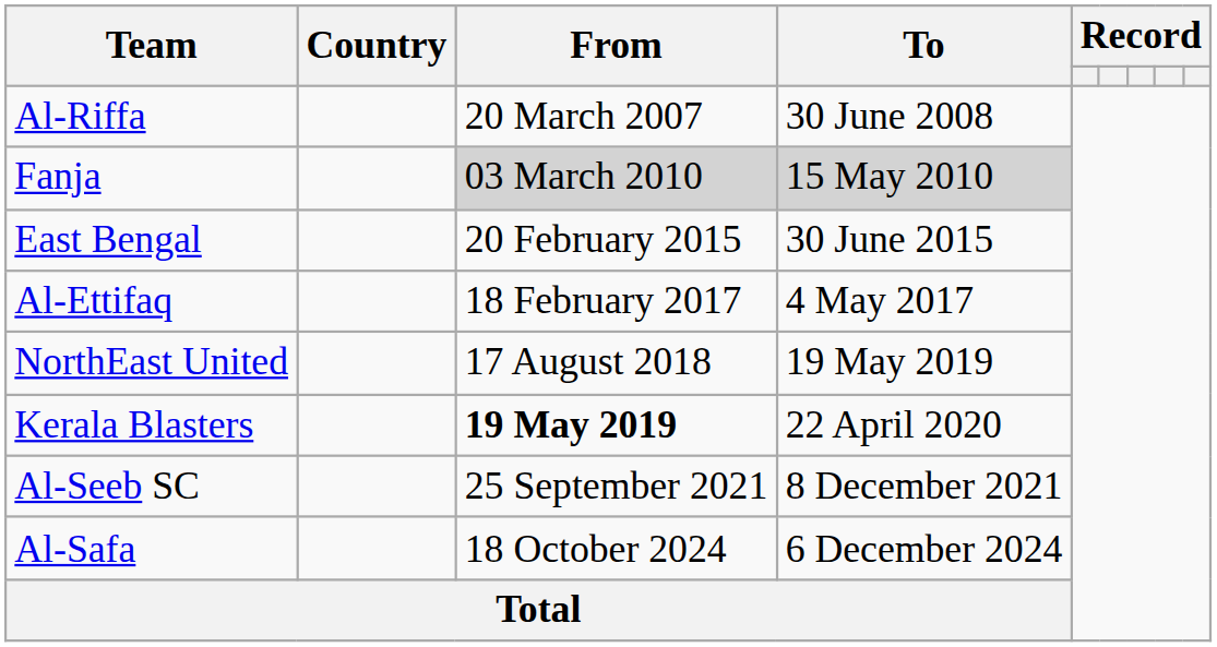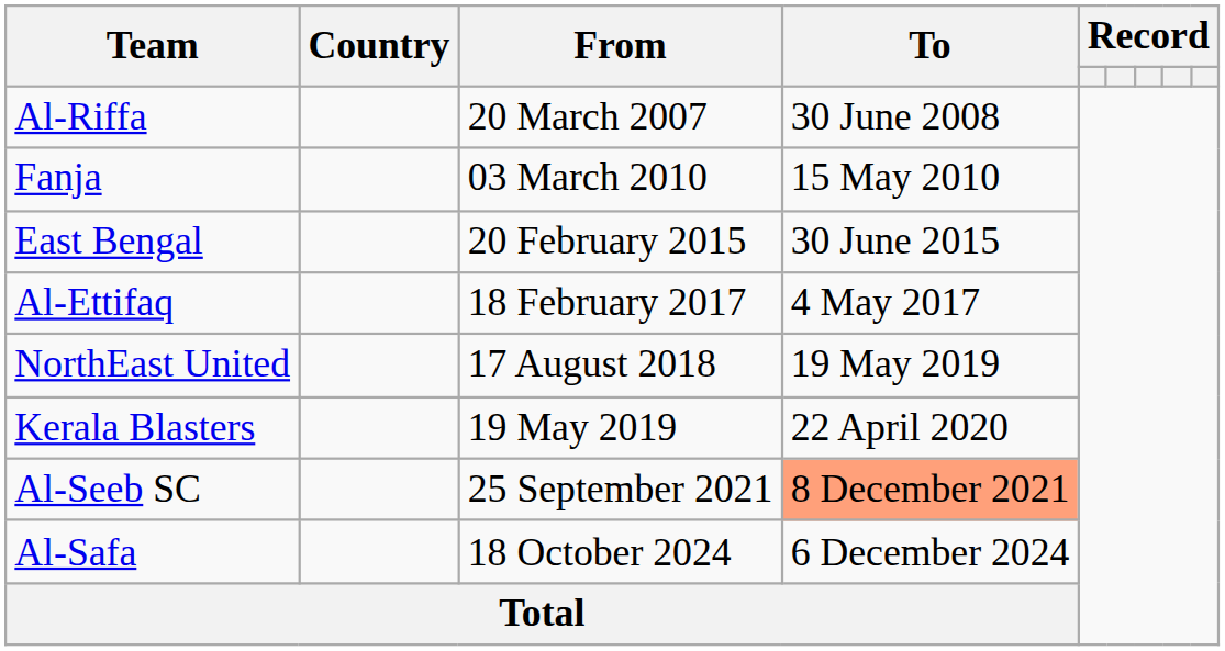 <table class=wikitable style="text-align:center">
 <tr>
 <th rowspan=2>Team</th>
 <th rowspan=2>Country</th>
 <th rowspan=2>From</th>
 <th rowspan=2>To</th>
 <th colspan=5>Record</th>
 </tr>
 <tr>
 <th></th>
 <th></th>
 <th></th>
 <th></th>
 <th></th>
 </tr>
 <tr>
 <td align=left><a href='#'>Al-Riffa</a></td>
 <td align=left></td>
 <td align=left>20 March 2007</td>
 <td align=left>30 June 2008<br></td>
 </tr>
 <tr>
 <td align=left><a href='#'>Fanja</a></td>
 <td align=left></td>
-<td align=left style="background: lightgrey;">03 March 2010</td>
-<td align=left style="background: lightgrey;">15 May 2010<br></td>
+<td align=left>03 March 2010</td>
+<td align=left>15 May 2010<br></td>
 </tr>
 <tr>
 <td align=left><a href='#'>East Bengal</a></td>
 <td align=left></td>
 <td align=left>20 February 2015</td>
 <td align=left>30 June 2015<br></td>
 </tr>
 <tr>
 <td align=left><a href='#'>Al-Ettifaq</a></td>
 <td align=left></td>
 <td align=left>18 February 2017</td>
 <td align=left>4 May 2017<br></td>
 </tr>
 <tr>
 <td align=left><a href='#'>NorthEast United</a></td>
 <td align=left></td>
 <td align=left>17 August 2018</td>
 <td align=left>19 May 2019<br></td>
 </tr>
 <tr>
 <td align=left><a href='#'>Kerala Blasters</a></td>
 <td align=left></td>
-<td align=left><strong>19 May 2019</strong></td>
+<td align=left>19 May 2019</td>
 <td align=left>22 April 2020<br></td>
 </tr>
 <tr>
 <td align=left><a href='#'>Al-Seeb</a> SC</td>
 <td align=left></td>
 <td align=left>25 September 2021</td>
-<td align=left>8 December 2021<br></td>
+<td align=left style="background: lightsalmon;">8 December 2021<br></td>
 </tr>
 <tr>
 <td align=left><a href='#'>Al-Safa</a></td>
 <td align=left></td>
 <td align=left>18 October 2024</td>
 <td align=left>6 December 2024<br></td>
 </tr>
 <tr>
 <th colspan=4>Total<br></th>
 </tr>
 </table>
